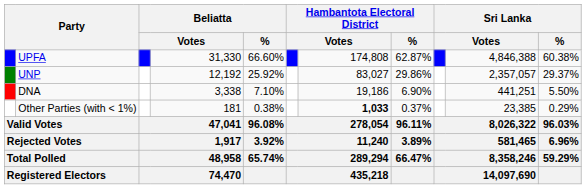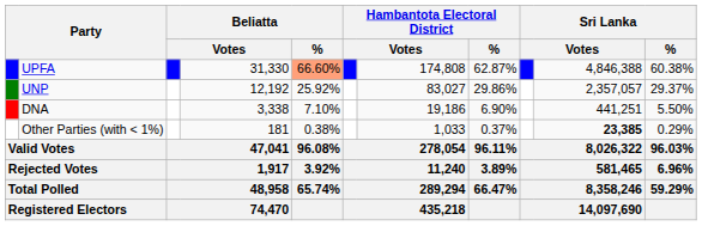 <table class="wikitable">
 <tr>
 <th colspan="2" width="144px"rowspan="2">Party</th>
 <th colspan="3" width="216px">Beliatta</th>
 <th colspan="3" width="216px"><a href='#'>Hambantota Electoral District</a></th>
 <th colspan="3" width="216px">Sri Lanka</th>
 </tr>
 <tr>
 <th colspan="2" width="144px">Votes</th>
 <th>%</th>
 <th colspan="2" width="144px">Votes</th>
 <th>%</th>
 <th colspan="2" width="144px">Votes</th>
 <th>%</th>
 </tr>
 <tr>
 <td style="background-color:blue;" width="10px"></td>
 <td style="text-align:left;"><a href='#'>UPFA</a></td>
 <td style="background-color:blue;" width="10px"></td>
 <td style="text-align:right;">31,330</td>
-<td style="text-align:right;">66.60%</td>
+<td style="background: lightsalmon; text-align:right;">66.60%</td>
 <td style="background-color:blue;" width="10px"></td>
 <td style="text-align:right;">174,808</td>
 <td style="text-align:right;">62.87%</td>
 <td style="background-color:blue;" width="10px"></td>
 <td style="text-align:right;">4,846,388</td>
 <td style="text-align:right;">60.38%</td>
 </tr>
 <tr>
 <td style="background-color:green;" width="10px"></td>
 <td style="text-align:left;"><a href='#'>UNP</a></td>
 <td style="background-color:white;" width="10px"></td>
 <td style="text-align:right;">12,192</td>
 <td style="text-align:right;">25.92%</td>
 <td style="background-color:white;" width="10px"></td>
 <td style="text-align:right;">83,027</td>
 <td style="text-align:right;">29.86%</td>
 <td style="background-color:white;" width="10px"></td>
 <td style="text-align:right;">2,357,057</td>
 <td style="text-align:right;">29.37%</td>
 </tr>
 <tr>
 <td style="background-color:red;" width="10px"></td>
 <td style="text-align:left;">DNA</td>
 <td style="background-color:white;" width="10px"></td>
 <td style="text-align:right;">3,338</td>
 <td style="text-align:right;">7.10%</td>
 <td style="background-color:white;" width="10px"></td>
 <td style="text-align:right;">19,186</td>
 <td style="text-align:right;">6.90%</td>
 <td style="background-color:white;" width="10px"></td>
 <td style="text-align:right;">441,251</td>
 <td style="text-align:right;">5.50%</td>
 </tr>
 <tr>
 <td style="background-color:white;" width="10px"></td>
 <td style="text-align:left;">Other Parties (with < 1%)</td>
 <td style="background-color:white;" width="10px"></td>
 <td style="text-align:right;">181</td>
 <td style="text-align:right;">0.38%</td>
 <td style="background-color:white;" width="10px"></td>
-<td style="text-align:right;"><strong>1,033</strong></td>
+<td style="text-align:right;">1,033</td>
 <td style="text-align:right;">0.37%</td>
 <td style="background-color:white;" width="10px"></td>
-<td style="text-align:right;">23,385</td>
+<td style="text-align:right;"><strong>23,385</strong></td>
 <td style="text-align:right;">0.29%</td>
 </tr>
 <tr>
 <th colspan="2" width="144px"style="text-align:left;">Valid Votes</th>
 <th style="text-align:right;"colspan="2" width="144px">47,041</th>
 <th style="text-align:right;">96.08%</th>
 <th style="text-align:right;"colspan="2" width="144px">278,054</th>
 <th style="text-align:right;">96.11%</th>
 <th style="text-align:right;"colspan="2" width="144px">8,026,322</th>
 <th style="text-align:right;">96.03%</th>
 </tr>
 <tr>
 <th colspan="2" width="144px"style="text-align:left;">Rejected Votes</th>
 <th style="text-align:right;"colspan="2" width="144px">1,917</th>
 <th style="text-align:right;">3.92%</th>
 <th style="text-align:right;"colspan="2" width="144px">11,240</th>
 <th style="text-align:right;">3.89%</th>
 <th style="text-align:right;"colspan="2" width="144px">581,465</th>
 <th style="text-align:right;">6.96%</th>
 </tr>
 <tr>
 <th colspan="2" width="144px"style="text-align:left;">Total Polled</th>
 <th style="text-align:right;"colspan="2" width="144px">48,958</th>
 <th style="text-align:right;">65.74%</th>
 <th style="text-align:right;"colspan="2" width="144px">289,294</th>
 <th style="text-align:right;">66.47%</th>
 <th style="text-align:right;"colspan="2" width="144px">8,358,246</th>
 <th style="text-align:right;">59.29%</th>
 </tr>
 <tr>
 <th colspan="2" width="144px"style="text-align:left;">Registered Electors</th>
 <th style="text-align:right;"colspan="2" width="144px">74,470</th>
 <th></th>
 <th style="text-align:right;"colspan="2" width="144px">435,218</th>
 <th></th>
 <th style="text-align:right;"colspan="2" width="144px">14,097,690</th>
 <th></th>
 </tr>
 </table>
